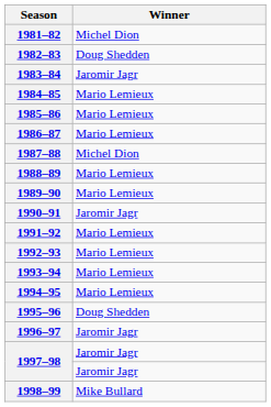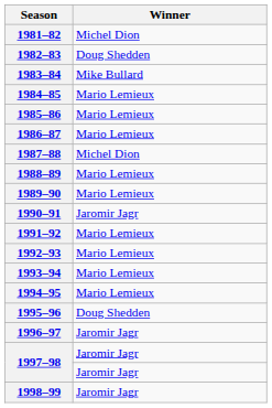 <table class="wikitable">
 <tr>
 <th scope="col" style="width:5em">Season</th>
 <th scope="col" style="width:15em">Winner</th>
 </tr>
 <tr>
 <th scope="row"><a href='#'>1981–82</a></th>
 <td><a href='#'>Michel Dion</a></td>
 </tr>
 <tr>
 <th scope="row"><a href='#'>1982–83</a></th>
 <td><a href='#'>Doug Shedden</a></td>
 </tr>
 <tr>
 <th scope="row"><a href='#'>1983–84</a></th>
-<td><a href='#'>Jaromir Jagr</a></td>
+<td><a href='#'>Mike Bullard</a></td>
 </tr>
 <tr>
 <th scope="row"><a href='#'>1984–85</a></th>
 <td><a href='#'>Mario Lemieux</a></td>
 </tr>
 <tr>
 <th scope="row"><a href='#'>1985–86</a></th>
 <td><a href='#'>Mario Lemieux</a></td>
 </tr>
 <tr>
 <th scope="row"><a href='#'>1986–87</a></th>
 <td><a href='#'>Mario Lemieux</a></td>
 </tr>
 <tr>
 <th scope="row"><a href='#'>1987–88</a></th>
 <td><a href='#'>Michel Dion</a></td>
 </tr>
 <tr>
 <th scope="row"><a href='#'>1988–89</a></th>
 <td><a href='#'>Mario Lemieux</a></td>
 </tr>
 <tr>
 <th scope="row"><a href='#'>1989–90</a></th>
 <td><a href='#'>Mario Lemieux</a></td>
 </tr>
 <tr>
 <th scope="row"><a href='#'>1990–91</a></th>
 <td><a href='#'>Jaromir Jagr</a></td>
 </tr>
 <tr>
 <th scope="row"><a href='#'>1991–92</a></th>
 <td><a href='#'>Mario Lemieux</a></td>
 </tr>
 <tr>
 <th scope="row"><a href='#'>1992–93</a></th>
 <td><a href='#'>Mario Lemieux</a></td>
 </tr>
 <tr>
 <th scope="row"><a href='#'>1993–94</a></th>
 <td><a href='#'>Mario Lemieux</a></td>
 </tr>
 <tr>
 <th scope="row"><a href='#'>1994–95</a></th>
 <td><a href='#'>Mario Lemieux</a></td>
 </tr>
 <tr>
 <th scope="row"><a href='#'>1995–96</a></th>
 <td><a href='#'>Doug Shedden</a></td>
 </tr>
 <tr>
 <th scope="row"><a href='#'>1996–97</a></th>
 <td><a href='#'>Jaromir Jagr</a></td>
 </tr>
 <tr>
 <th scope="row" rowspan="2"><a href='#'>1997–98</a></th>
 <td><a href='#'>Jaromir Jagr</a></td>
 </tr>
 <tr>
 <td><a href='#'>Jaromir Jagr</a></td>
 </tr>
 <tr>
 <th scope="row"><a href='#'>1998–99</a></th>
-<td><a href='#'>Mike Bullard</a></td>
+<td><a href='#'>Jaromir Jagr</a></td>
 </tr>
 </table>
